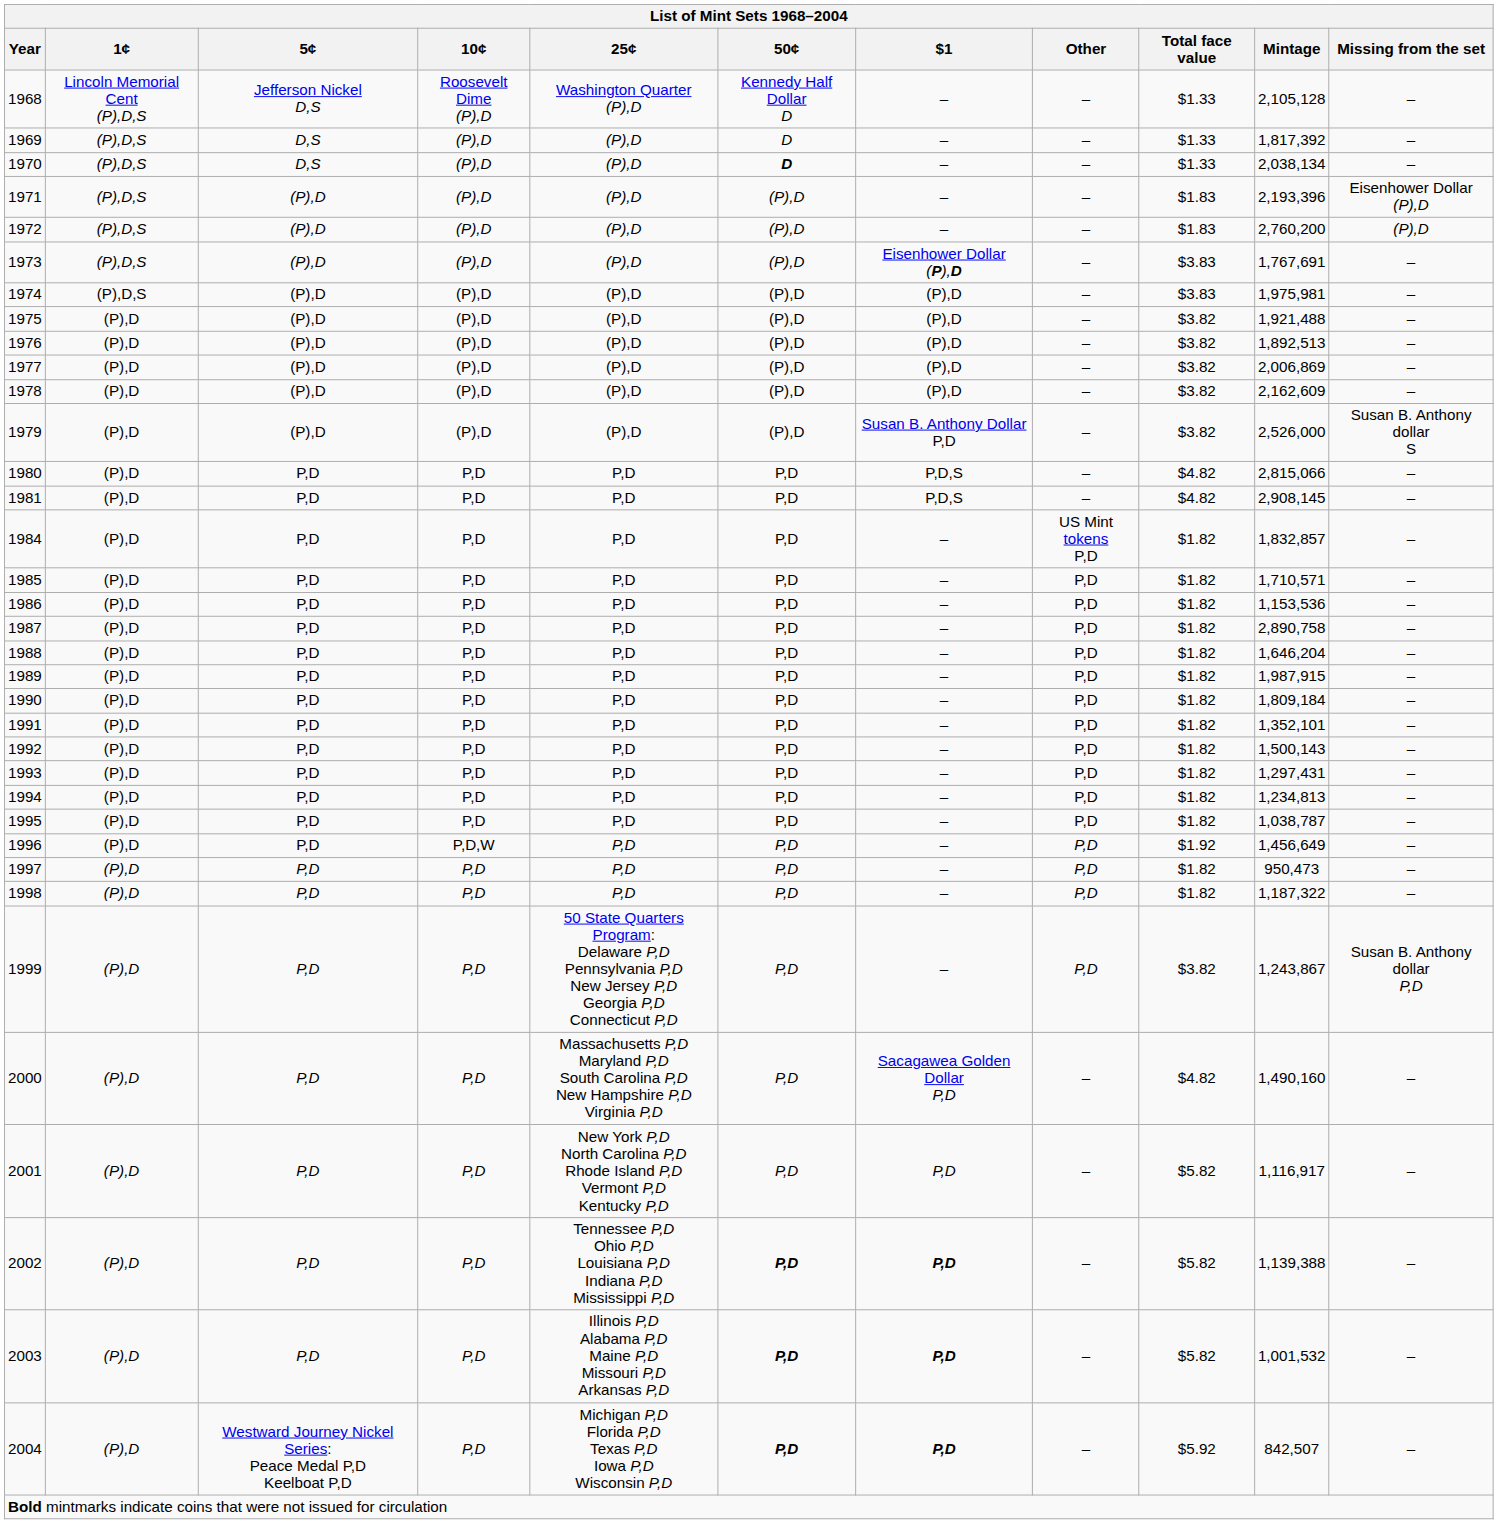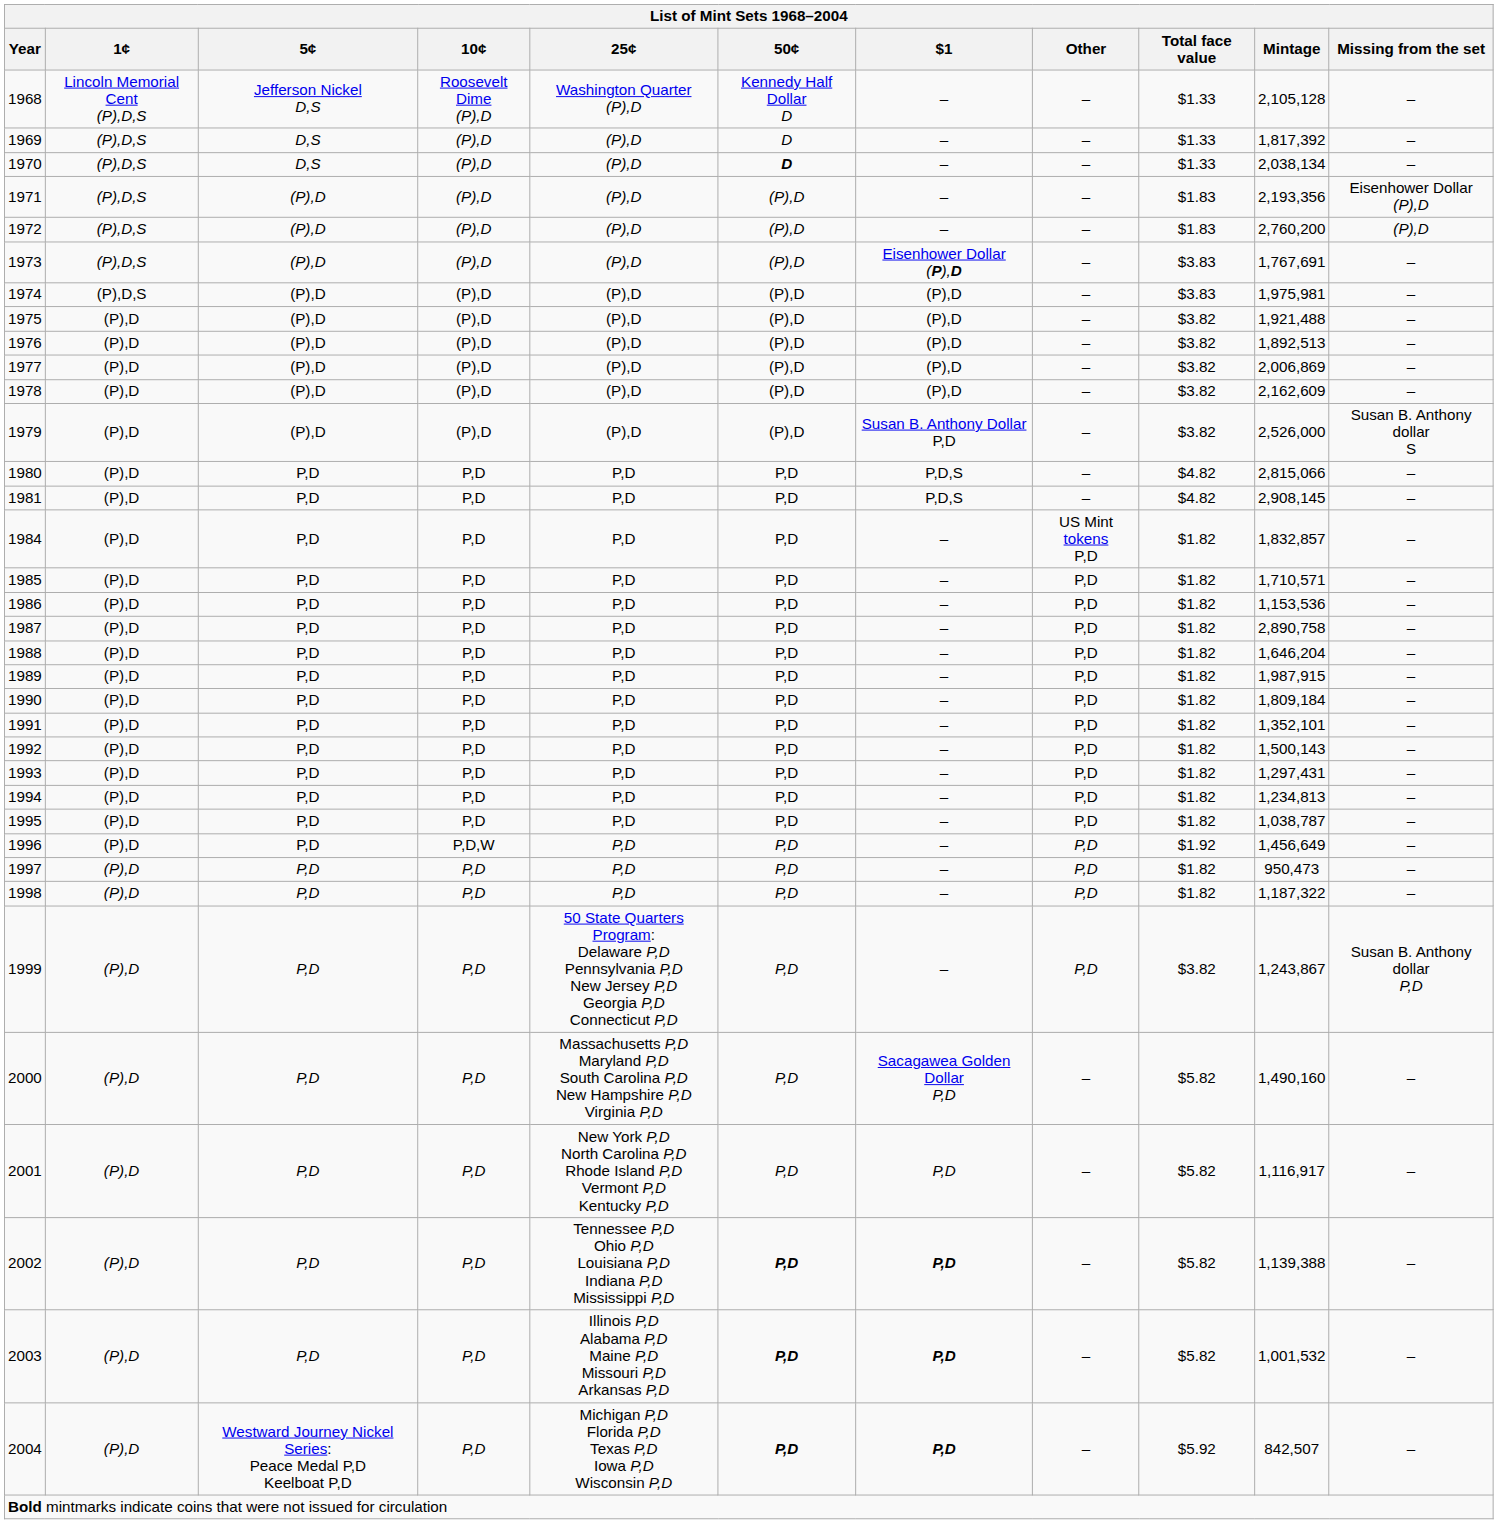 <table class="wikitable mw-collapsible mw-collapsed">
 <tr>
 <th colspan="11">List of Mint Sets 1968–2004</th>
 </tr>
 <tr>
 <th align="center">Year</th>
 <th align="center">1¢</th>
 <th align="center">5¢</th>
 <th align="center">10¢</th>
 <th align="center">25¢</th>
 <th align="center">50¢</th>
 <th align="center">$1</th>
 <th align="center">Other</th>
 <th align="center">Total face value</th>
 <th align="center">Mintage</th>
 <th>Missing from the set</th>
 </tr>
 <tr>
 <td align="center">1968</td>
 <td align="center"><a href='#'>Lincoln Memorial Cent</a><br><em>(P),D,S</em></td>
 <td align="center"><a href='#'>Jefferson Nickel</a><br><em>D,S</em></td>
 <td align="center"><a href='#'>Roosevelt Dime</a><br><em>(P),D</em></td>
 <td align="center"><a href='#'>Washington Quarter</a><br><em>(P),D</em></td>
 <td align="center"><a href='#'>Kennedy Half Dollar</a><br><em>D</em></td>
 <td align="center">–</td>
 <td align="center">–</td>
 <td align="center">$1.33</td>
 <td align="center">2,105,128</td>
 <td align="center">–</td>
 </tr>
 <tr>
 <td align="center">1969</td>
 <td align="center"><em>(P),D,S</em></td>
 <td align="center"><em>D,S</em></td>
 <td align="center"><em>(P),D</em></td>
 <td align="center"><em>(P),D</em></td>
 <td align="center"><em>D</em></td>
 <td align="center">–</td>
 <td align="center">–</td>
 <td align="center">$1.33</td>
 <td align="center">1,817,392</td>
 <td align="center">–</td>
 </tr>
 <tr>
 <td align="center">1970</td>
 <td align="center"><em>(P),D,S</em></td>
 <td align="center"><em>D,S</em></td>
 <td align="center"><em>(P),D</em></td>
 <td align="center"><em>(P),D</em></td>
 <td align="center"><strong><em>D</em></strong></td>
 <td align="center">–</td>
 <td align="center">–</td>
 <td align="center">$1.33</td>
 <td align="center">2,038,134</td>
 <td align="center">–</td>
 </tr>
 <tr>
 <td align="center">1971</td>
 <td align="center"><em>(P),D,S</em></td>
 <td align="center"><em>(P),D</em></td>
 <td align="center"><em>(P),D</em></td>
 <td align="center"><em>(P),D</em></td>
 <td align="center"><em>(P),D</em></td>
 <td align="center">–</td>
 <td align="center">–</td>
 <td align="center">$1.83</td>
-<td align="center">2,193,396</td>
+<td align="center">2,193,356</td>
 <td align="center">Eisenhower Dollar<br><em>(P),D</em></td>
 </tr>
 <tr>
 <td align="center">1972</td>
 <td align="center"><em>(P),D,S</em></td>
 <td align="center"><em>(P),D</em></td>
 <td align="center"><em>(P),D</em></td>
 <td align="center"><em>(P),D</em></td>
 <td align="center"><em>(P),D</em></td>
 <td align="center">–</td>
 <td align="center">–</td>
 <td align="center">$1.83</td>
 <td align="center">2,760,200</td>
 <td align="center"><em>(P),D</em></td>
 </tr>
 <tr>
 <td align="center">1973</td>
 <td align="center"><em>(P),D,S</em></td>
 <td align="center"><em>(P),D</em></td>
 <td align="center"><em>(P),D</em></td>
 <td align="center"><em>(P),D</em></td>
 <td align="center"><em>(P),D</em></td>
 <td align="center"><a href='#'>Eisenhower Dollar</a><br><em>(<strong>P</strong>),<strong>D<strong><em></td>
 <td align="center">–</td>
 <td align="center">$3.83</td>
 <td align="center">1,767,691</td>
 <td align="center">–</td>
 </tr>
 <tr>
 <td align="center">1974</td>
 <td align="center"></em>(P),D,S<em></td>
 <td align="center"></em>(P),D<em></td>
 <td align="center"></em>(P),D<em></td>
 <td align="center"></em>(P),D<em></td>
 <td align="center"></em>(P),D<em></td>
 <td align="center"></em>(P),D<em></td>
 <td align="center">–</td>
 <td align="center">$3.83</td>
 <td align="center">1,975,981</td>
 <td align="center">–</td>
 </tr>
 <tr>
 <td align="center">1975</td>
 <td align="center"></em>(P),D<em></td>
 <td align="center"></em>(P),D<em></td>
 <td align="center"></em>(P),D<em></td>
 <td align="center"></em>(P),D<em></td>
 <td align="center"></em>(P),D<em></td>
 <td align="center"></em>(P),D<em></td>
 <td align="center">–</td>
 <td align="center">$3.82</td>
 <td align="center">1,921,488</td>
 <td align="center">–</td>
 </tr>
 <tr>
 <td align="center">1976</td>
 <td align="center"></em>(P),D<em></td>
 <td align="center"></em>(P),D<em></td>
 <td align="center"></em>(P),D<em></td>
 <td align="center"></em>(P),D<em></td>
 <td align="center"></em>(P),D<em></td>
 <td align="center"></em>(P),D<em></td>
 <td align="center">–</td>
 <td align="center">$3.82</td>
 <td align="center">1,892,513</td>
 <td align="center">–</td>
 </tr>
 <tr>
 <td align="center">1977</td>
 <td align="center"></em>(P),D<em></td>
 <td align="center"></em>(P),D<em></td>
 <td align="center"></em>(P),D<em></td>
 <td align="center"></em>(P),D<em></td>
 <td align="center"></em>(P),D<em></td>
 <td align="center"></em>(P),D<em></td>
 <td align="center">–</td>
 <td align="center">$3.82</td>
 <td align="center">2,006,869</td>
 <td align="center">–</td>
 </tr>
 <tr>
 <td align="center">1978</td>
 <td align="center"></em>(P),D<em></td>
 <td align="center"></em>(P),D<em></td>
 <td align="center"></em>(P),D<em></td>
 <td align="center"></em>(P),D<em></td>
 <td align="center"></em>(P),D<em></td>
 <td align="center"></em>(P),D<em></td>
 <td align="center">–</td>
 <td align="center">$3.82</td>
 <td align="center">2,162,609</td>
 <td align="center">–</td>
 </tr>
 <tr>
 <td align="center">1979</td>
 <td align="center"></em>(P),D<em></td>
 <td align="center"></em>(P),D<em></td>
 <td align="center"></em>(P),D<em></td>
 <td align="center"></em>(P),D<em></td>
 <td align="center"></em>(P),D<em></td>
 <td align="center"><a href='#'>Susan B. Anthony Dollar</a><br></em>P,D<em></td>
 <td align="center">–</td>
 <td align="center">$3.82</td>
 <td align="center">2,526,000</td>
 <td align="center">Susan B. Anthony dollar<br></em>S<em></td>
 </tr>
 <tr>
 <td align="center">1980</td>
 <td align="center"></em>(P),D<em></td>
 <td align="center"></em>P,D<em></td>
 <td align="center"></em>P,D<em></td>
 <td align="center"></em>P,D<em></td>
 <td align="center"></em>P,D<em></td>
 <td align="center"></em>P,D,S<em></td>
 <td align="center">–</td>
 <td align="center">$4.82</td>
 <td align="center">2,815,066</td>
 <td align="center">–</td>
 </tr>
 <tr>
 <td align="center">1981</td>
 <td align="center"></em>(P),D<em></td>
 <td align="center"></em>P,D<em></td>
 <td align="center"></em>P,D<em></td>
 <td align="center"></em>P,D<em></td>
 <td align="center"></em>P,D<em></td>
 <td align="center"></em></strong>P,D,S<strong><em></td>
 <td align="center">–</td>
 <td align="center">$4.82</td>
 <td align="center">2,908,145</td>
 <td align="center">–</td>
 </tr>
 <tr>
 <td align="center">1984</td>
 <td align="center"></em>(P),D<em></td>
 <td align="center"></em>P,D<em></td>
 <td align="center"></em>P,D<em></td>
 <td align="center"></em>P,D<em></td>
 <td align="center"></em>P,D<em></td>
 <td align="center">–</td>
 <td align="center">US Mint <a href='#'>tokens</a><br></em>P,D<em></td>
 <td align="center">$1.82</td>
 <td align="center">1,832,857</td>
 <td align="center">–</td>
 </tr>
 <tr>
 <td align="center">1985</td>
 <td align="center"></em>(P),D<em></td>
 <td align="center"></em>P,D<em></td>
 <td align="center"></em>P,D<em></td>
 <td align="center"></em>P,D<em></td>
 <td align="center"></em>P,D<em></td>
 <td align="center">–</td>
 <td align="center"></em>P,D<em></td>
 <td align="center">$1.82</td>
 <td align="center">1,710,571</td>
 <td align="center">–</td>
 </tr>
 <tr>
 <td align="center">1986</td>
 <td align="center"></em>(P),D<em></td>
 <td align="center"></em>P,D<em></td>
 <td align="center"></em>P,D<em></td>
 <td align="center"></em>P,D<em></td>
 <td align="center"></em>P,D<em></td>
 <td align="center">–</td>
 <td align="center"></em>P,D<em></td>
 <td align="center">$1.82</td>
 <td align="center">1,153,536</td>
 <td align="center">–</td>
 </tr>
 <tr>
 <td align="center">1987</td>
 <td align="center"></em>(P),D<em></td>
 <td align="center"></em>P,D<em></td>
 <td align="center"></em>P,D<em></td>
 <td align="center"></em>P,D<em></td>
 <td align="center"></em></strong>P,D<strong><em></td>
 <td align="center">–</td>
 <td align="center"></em>P,D<em></td>
 <td align="center">$1.82</td>
 <td align="center">2,890,758</td>
 <td align="center">–</td>
 </tr>
 <tr>
 <td align="center">1988</td>
 <td align="center"></em>(P),D<em></td>
 <td align="center"></em>P,D<em></td>
 <td align="center"></em>P,D<em></td>
 <td align="center"></em>P,D<em></td>
 <td align="center"></em>P,D<em></td>
 <td align="center">–</td>
 <td align="center"></em>P,D<em></td>
 <td align="center">$1.82</td>
 <td align="center">1,646,204</td>
 <td align="center">–</td>
 </tr>
 <tr>
 <td align="center">1989</td>
 <td align="center"></em>(P),D<em></td>
 <td align="center"></em>P,D<em></td>
 <td align="center"></em>P,D<em></td>
 <td align="center"></em>P,D<em></td>
 <td align="center"></em>P,D<em></td>
 <td align="center">–</td>
 <td align="center"></em>P,D<em></td>
 <td align="center">$1.82</td>
 <td align="center">1,987,915</td>
 <td align="center">–</td>
 </tr>
 <tr>
 <td align="center">1990</td>
 <td align="center"></em>(P),D<em></td>
 <td align="center"></em>P,D<em></td>
 <td align="center"></em>P,D<em></td>
 <td align="center"></em>P,D<em></td>
 <td align="center"></em>P,D<em></td>
 <td align="center">–</td>
 <td align="center"></em>P,D<em></td>
 <td align="center">$1.82</td>
 <td align="center">1,809,184</td>
 <td align="center">–</td>
 </tr>
 <tr>
 <td align="center">1991</td>
 <td align="center"></em>(P),D<em></td>
 <td align="center"></em>P,D<em></td>
 <td align="center"></em>P,D<em></td>
 <td align="center"></em>P,D<em></td>
 <td align="center"></em>P,D<em></td>
 <td align="center">–</td>
 <td align="center"></em>P,D<em></td>
 <td align="center">$1.82</td>
 <td align="center">1,352,101</td>
 <td align="center">–</td>
 </tr>
 <tr>
 <td align="center">1992</td>
 <td align="center"></em>(P),D<em></td>
 <td align="center"></em>P,D<em></td>
 <td align="center"></em>P,D<em></td>
 <td align="center"></em>P,D<em></td>
 <td align="center"></em>P,D<em></td>
 <td align="center">–</td>
 <td align="center"></em>P,D<em></td>
 <td align="center">$1.82</td>
 <td align="center">1,500,143</td>
 <td align="center">–</td>
 </tr>
 <tr>
 <td align="center">1993</td>
 <td align="center"></em>(P),D<em></td>
 <td align="center"></em>P,D<em></td>
 <td align="center"></em>P,D<em></td>
 <td align="center"></em>P,D<em></td>
 <td align="center"></em>P,D<em></td>
 <td align="center">–</td>
 <td align="center"></em>P,D<em></td>
 <td align="center">$1.82</td>
 <td align="center">1,297,431</td>
 <td align="center">–</td>
 </tr>
 <tr>
 <td align="center">1994</td>
 <td align="center"></em>(P),D<em></td>
 <td align="center"></em>P,D<em></td>
 <td align="center"></em>P,D<em></td>
 <td align="center"></em>P,D<em></td>
 <td align="center"></em>P,D<em></td>
 <td align="center">–</td>
 <td align="center"></em>P,D<em></td>
 <td align="center">$1.82</td>
 <td align="center">1,234,813</td>
 <td align="center">–</td>
 </tr>
 <tr>
 <td align="center">1995</td>
 <td align="center"></em>(P),D<em></td>
 <td align="center"></em>P,D<em></td>
 <td align="center"></em>P,D<em></td>
 <td align="center"></em>P,D<em></td>
 <td align="center"></em>P,D<em></td>
 <td align="center">–</td>
 <td align="center"></em>P,D<em></td>
 <td align="center">$1.82</td>
 <td align="center">1,038,787</td>
 <td align="center">–</td>
 </tr>
 <tr>
 <td align="center">1996</td>
 <td align="center"></em>(P),D<em></td>
 <td align="center"></em>P,D<em></td>
 <td align="center"></em>P,D,</strong>W</em></strong></td>
 <td align="center"><em>P,D</em></td>
 <td align="center"><em>P,D</em></td>
 <td align="center">–</td>
 <td align="center"><em>P,D</em></td>
 <td align="center">$1.92</td>
 <td align="center">1,456,649</td>
 <td align="center">–</td>
 </tr>
 <tr>
 <td align="center">1997</td>
 <td align="center"><em>(P),D</em></td>
 <td align="center"><em>P,D</em></td>
 <td align="center"><em>P,D</em></td>
 <td align="center"><em>P,D</em></td>
 <td align="center"><em>P,D</em></td>
 <td align="center">–</td>
 <td align="center"><em>P,D</em></td>
 <td align="center">$1.82</td>
 <td align="center">950,473</td>
 <td align="center">–</td>
 </tr>
 <tr>
 <td align="center">1998</td>
 <td align="center"><em>(P),D</em></td>
 <td align="center"><em>P,D</em></td>
 <td align="center"><em>P,D</em></td>
 <td align="center"><em>P,D</em></td>
 <td align="center"><em>P,D</em></td>
 <td align="center">–</td>
 <td align="center"><em>P,D</em></td>
 <td align="center">$1.82</td>
 <td align="center">1,187,322</td>
 <td align="center">–</td>
 </tr>
 <tr>
 <td align="center">1999</td>
 <td align="center"><em>(P),D</em></td>
 <td align="center"><em>P,D</em></td>
 <td align="center"><em>P,D</em></td>
 <td align="center"><a href='#'>50 State Quarters Program</a>:<br>Delaware <em>P,D</em><br>Pennsylvania <em>P,D</em><br>New Jersey <em>P,D</em><br>Georgia <em>P,D</em><br>Connecticut <em>P,D</em></td>
 <td align="center"><em>P,D</em></td>
 <td align="center">–</td>
 <td align="center"><em>P,D</em></td>
 <td align="center">$3.82</td>
 <td align="center">1,243,867</td>
 <td align="center">Susan B. Anthony dollar<br><em>P,D</em></td>
 </tr>
 <tr>
 <td align="center">2000</td>
 <td align="center"><em>(P),D</em></td>
 <td align="center"><em>P,D</em></td>
 <td align="center"><em>P,D</em></td>
 <td align="center">Massachusetts <em>P,D</em><br>Maryland <em>P,D</em><br>South Carolina <em>P,D</em><br>New Hampshire <em>P,D</em><br>Virginia <em>P,D</em></td>
 <td align="center"><em>P,D</em></td>
 <td align="center"><a href='#'>Sacagawea Golden Dollar</a><br><em>P,D</em></td>
 <td align="center">–</td>
-<td align="center">$4.82</td>
+<td align="center">$5.82</td>
 <td align="center">1,490,160</td>
 <td align="center">–</td>
 </tr>
 <tr>
 <td align="center">2001</td>
 <td align="center"><em>(P),D</em></td>
 <td align="center"><em>P,D</em></td>
 <td align="center"><em>P,D</em></td>
 <td align="center">New York <em>P,D</em><br>North Carolina <em>P,D</em><br>Rhode Island <em>P,D</em><br>Vermont <em>P,D</em><br>Kentucky <em>P,D</em></td>
 <td align="center"><em>P,D</em></td>
 <td align="center"><em>P,D</em></td>
 <td align="center">–</td>
 <td align="center">$5.82</td>
 <td align="center">1,116,917</td>
 <td align="center">–</td>
 </tr>
 <tr>
 <td align="center">2002</td>
 <td align="center"><em>(P),D</em></td>
 <td align="center"><em>P,D</em></td>
 <td align="center"><em>P,D</em></td>
 <td align="center">Tennessee <em>P,D</em><br>Ohio <em>P,D</em><br>Louisiana <em>P,D</em><br>Indiana <em>P,D</em><br>Mississippi <em>P,D</em></td>
 <td align="center"><strong><em>P,D</em></strong></td>
 <td align="center"><strong><em>P,D</em></strong></td>
 <td align="center">–</td>
 <td align="center">$5.82</td>
 <td align="center">1,139,388</td>
 <td align="center">–</td>
 </tr>
 <tr>
 <td align="center">2003</td>
 <td align="center"><em>(P),D</em></td>
 <td align="center"><em>P,D</em></td>
 <td align="center"><em>P,D</em></td>
 <td align="center">Illinois <em>P,D</em><br>Alabama <em>P,D</em><br>Maine <em>P,D</em><br>Missouri <em>P,D</em><br>Arkansas <em>P,D</em></td>
 <td align="center"><strong><em>P,D</em></strong></td>
 <td align="center"><strong><em>P,D</em></strong></td>
 <td align="center">–</td>
 <td align="center">$5.82</td>
 <td align="center">1,001,532</td>
 <td align="center">–</td>
 </tr>
 <tr>
 <td align="center">2004</td>
 <td align="center"><em>(P),D</em></td>
 <td align="center"><br><a href='#'>Westward Journey Nickel Series</a>:<br> Peace Medal P,D<br> Keelboat P,D</td>
 <td align="center"><em>P,D</em></td>
 <td align="center">Michigan <em>P,D</em><br>Florida <em>P,D</em><br>Texas <em>P,D</em><br>Iowa <em>P,D</em><br>Wisconsin <em>P,D</em></td>
 <td align="center"><strong><em>P,D</em></strong></td>
 <td align="center"><strong><em>P,D</em></strong></td>
 <td align="center">–</td>
 <td align="center">$5.92</td>
 <td align="center">842,507</td>
 <td align="center">–</td>
 </tr>
 <tr>
 <td colspan="11"><strong>Bold</strong> mintmarks indicate coins that were not issued for circulation</td>
 </tr>
 </table>
